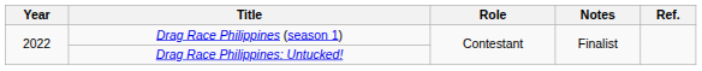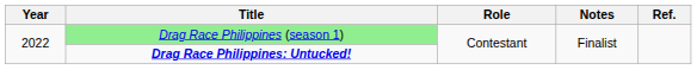 <table class="wikitable" style="text-align:center; width:70%">
 <tr>
 <th>Year</th>
 <th>Title</th>
 <th>Role</th>
 <th>Notes</th>
 <th>Ref.</th>
 </tr>
 <tr>
 <td rowspan="2">2022</td>
-<td><em><a href='#'>Drag Race Philippines</a></em> (<a href='#'>season 1</a>)</td>
+<td style="background: lightgreen;"><em><a href='#'>Drag Race Philippines</a></em> (<a href='#'>season 1</a>)</td>
 <td rowspan="2">Contestant</td>
 <td rowspan="2">Finalist</td>
 <td rowspan="2"></td>
 </tr>
 <tr>
-<td><em><a href='#'>Drag Race Philippines: Untucked!</a></em></td>
+<td><strong><em><a href='#'>Drag Race Philippines: Untucked!</a></em></strong></td>
 </tr>
 </table>
